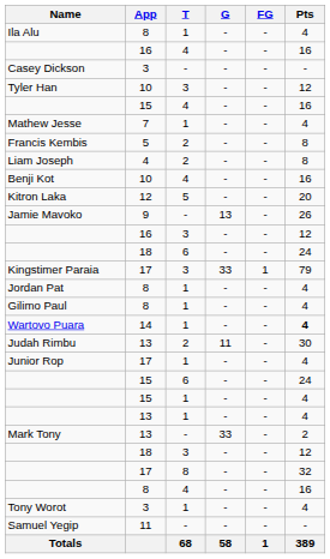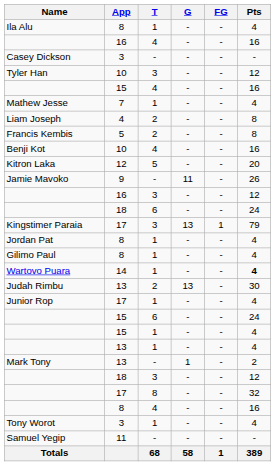 <table class="wikitable sortable" style="text-align: center;">
 <tr>
 <th style="width:10em">Name</th>
 <th style="width:3em"><a href='#'>App</a></th>
 <th style="width:3em"><a href='#'>T</a></th>
 <th style="width:3em"><a href='#'>G</a></th>
 <th style="width:3em"><a href='#'>FG</a></th>
 <th style="width:3em">Pts</th>
 </tr>
 <tr>
 <td style="text-align:left;">Ila Alu</td>
 <td>8</td>
 <td>1</td>
 <td>-</td>
 <td>-</td>
 <td>4</td>
 </tr>
 <tr>
 <td style="text-align:left;"></td>
 <td>16</td>
 <td>4</td>
 <td>-</td>
 <td>-</td>
 <td>16</td>
 </tr>
 <tr>
 <td style="text-align:left;">Casey Dickson</td>
 <td>3</td>
 <td>-</td>
 <td>-</td>
 <td>-</td>
 <td>-</td>
 </tr>
 <tr>
 <td style="text-align:left;">Tyler Han</td>
 <td>10</td>
 <td>3</td>
 <td>-</td>
 <td>-</td>
 <td>12</td>
 </tr>
 <tr>
 <td style="text-align:left;"></td>
 <td>15</td>
 <td>4</td>
 <td>-</td>
 <td>-</td>
 <td>16</td>
 </tr>
 <tr>
 <td style="text-align:left;">Mathew Jesse</td>
 <td>7</td>
 <td>1</td>
 <td>-</td>
 <td>-</td>
 <td>4</td>
 </tr>
 <tr>
-<td style="text-align:left;">Francis Kembis</td>
-<td>5</td>
+<td style="text-align:left;">Liam Joseph</td>
+<td>4</td>
 <td>2</td>
 <td>-</td>
 <td>-</td>
 <td>8</td>
 </tr>
 <tr>
-<td style="text-align:left;">Liam Joseph</td>
-<td>4</td>
+<td style="text-align:left;">Francis Kembis</td>
+<td>5</td>
 <td>2</td>
 <td>-</td>
 <td>-</td>
 <td>8</td>
 </tr>
 <tr>
 <td style="text-align:left;">Benji Kot</td>
 <td>10</td>
 <td>4</td>
 <td>-</td>
 <td>-</td>
 <td>16</td>
 </tr>
 <tr>
 <td style="text-align:left;">Kitron Laka</td>
 <td>12</td>
 <td>5</td>
 <td>-</td>
 <td>-</td>
 <td>20</td>
 </tr>
 <tr>
 <td style="text-align:left;">Jamie Mavoko</td>
 <td>9</td>
 <td>-</td>
-<td>13</td>
+<td>11</td>
 <td>-</td>
 <td>26</td>
 </tr>
 <tr>
 <td style="text-align:left;"></td>
 <td>16</td>
 <td>3</td>
 <td>-</td>
 <td>-</td>
 <td>12</td>
 </tr>
 <tr>
 <td style="text-align:left;"></td>
 <td>18</td>
 <td>6</td>
 <td>-</td>
 <td>-</td>
 <td>24</td>
 </tr>
 <tr>
 <td style="text-align:left;">Kingstimer Paraia</td>
 <td>17</td>
 <td>3</td>
-<td>33</td>
+<td>13</td>
 <td>1</td>
 <td>79</td>
 </tr>
 <tr>
 <td style="text-align:left;">Jordan Pat</td>
 <td>8</td>
 <td>1</td>
 <td>-</td>
 <td>-</td>
 <td>4</td>
 </tr>
 <tr>
 <td style="text-align:left;">Gilimo Paul</td>
 <td>8</td>
 <td>1</td>
 <td>-</td>
 <td>-</td>
 <td>4</td>
 </tr>
 <tr>
 <td style="text-align:left;"><a href='#'>Wartovo Puara</a></td>
 <td>14</td>
 <td>1</td>
 <td>-</td>
 <td>-</td>
 <td><strong>4</strong></td>
 </tr>
 <tr>
 <td style="text-align:left;">Judah Rimbu</td>
 <td>13</td>
 <td>2</td>
-<td>11</td>
+<td>13</td>
 <td>-</td>
 <td>30</td>
 </tr>
 <tr>
 <td style="text-align:left;">Junior Rop</td>
 <td>17</td>
 <td>1</td>
 <td>-</td>
 <td>-</td>
 <td>4</td>
 </tr>
 <tr>
 <td style="text-align:left;"></td>
 <td>15</td>
 <td>6</td>
 <td>-</td>
 <td>-</td>
 <td>24</td>
 </tr>
 <tr>
 <td style="text-align:left;"></td>
 <td>15</td>
 <td>1</td>
 <td>-</td>
 <td>-</td>
 <td>4</td>
 </tr>
 <tr>
 <td style="text-align:left;"></td>
 <td>13</td>
 <td>1</td>
 <td>-</td>
 <td>-</td>
 <td>4</td>
 </tr>
 <tr>
 <td style="text-align:left;">Mark Tony</td>
 <td>13</td>
 <td>-</td>
-<td>33</td>
+<td>1</td>
 <td>-</td>
 <td>2</td>
 </tr>
 <tr>
 <td style="text-align:left;"></td>
 <td>18</td>
 <td>3</td>
 <td>-</td>
 <td>-</td>
 <td>12</td>
 </tr>
 <tr>
 <td style="text-align:left;"></td>
 <td>17</td>
 <td>8</td>
 <td>-</td>
 <td>-</td>
 <td>32</td>
 </tr>
 <tr>
 <td style="text-align:left;"></td>
 <td>8</td>
 <td>4</td>
 <td>-</td>
 <td>-</td>
 <td>16</td>
 </tr>
 <tr>
 <td style="text-align:left;">Tony Worot</td>
 <td>3</td>
 <td>1</td>
 <td>-</td>
 <td>-</td>
 <td>4</td>
 </tr>
 <tr>
 <td style="text-align:left;">Samuel Yegip</td>
 <td>11</td>
 <td>-</td>
 <td>-</td>
 <td>-</td>
 <td>-</td>
 </tr>
 <tr class="sortbottom">
 <th>Totals</th>
 <th></th>
 <th>68</th>
 <th>58</th>
 <th>1</th>
 <th>389</th>
 </tr>
 </table>
